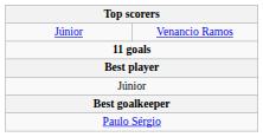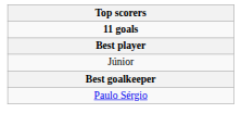 <table class="wikitable" style="margin: 1em auto 1em auto;">
 <tr>
 <th width=340 colspan=2>Top scorers</th>
-</tr>
-<tr align=center style="background:">
-<td style="text-align:center;" width=170> <a href='#'>Júnior</a></td>
-<td style="text-align:center;" width=170> <a href='#'>Venancio Ramos</a></td>
 </tr>
 <tr>
 <td style="text-align:center;" colspan=2><strong>11 goals</strong></td>
 </tr>
 <tr>
 <th colspan=2>Best player</th>
 </tr>
 <tr>
 <td style="text-align:center;" colspan=2>  Júnior</td>
 </tr>
 <tr>
 <th colspan=2>Best goalkeeper</th>
 </tr>
 <tr>
 <td style="text-align:center;" colspan=2> <a href='#'>Paulo Sérgio</a></td>
 </tr>
 </table>
